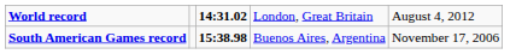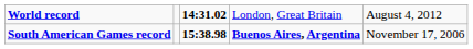 <table class="wikitable">
 <tr>
 <td><strong><a href='#'>World record</a></strong></td>
 <td></td>
 <td><strong>14:31.02</strong></td>
 <td><a href='#'>London</a>, <a href='#'>Great Britain</a></td>
 <td>August 4, 2012</td>
 </tr>
 <tr>
 <td><strong><a href='#'>South American Games record</a></strong></td>
 <td></td>
 <td><strong>15:38.98</strong></td>
-<td><a href='#'>Buenos Aires</a>, <a href='#'>Argentina</a></td>
+<td><strong><a href='#'>Buenos Aires</a>, <a href='#'>Argentina</a></strong></td>
 <td>November 17, 2006</td>
 </tr>
 </table>
